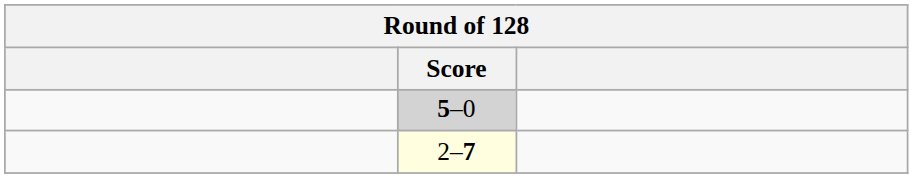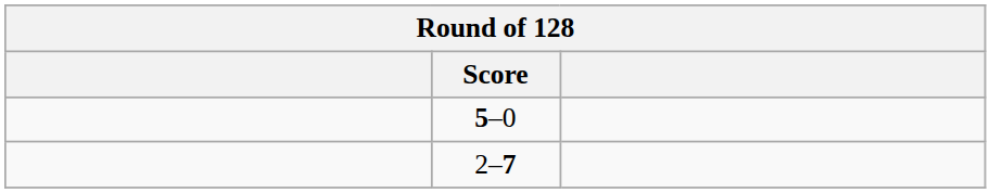 <table class="wikitable" style="text-align: center; font-size:90% ">
 <tr>
 <th colspan=4>Round of 128</th>
 </tr>
 <tr>
 <th width=215></th>
 <th width=60>Score</th>
 <th width=215></th>
 </tr>
 <tr>
 <td align=left><strong></strong></td>
-<td style="background: lightgrey;"><strong>5</strong>–0</td>
+<td><strong>5</strong>–0</td>
 <td align=left></td>
 </tr>
 <tr>
 <td align=left></td>
-<td style="background: lightyellow;">2–<strong>7</strong></td>
+<td>2–<strong>7</strong></td>
 <td align=left><strong></strong></td>
 </tr>
 </table>
